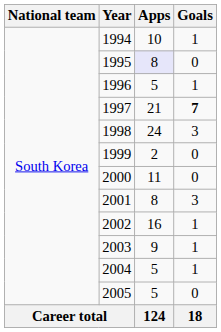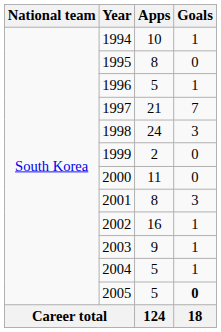 <table class="wikitable" style="text-align:center">
 <tr>
 <th>National team</th>
 <th>Year</th>
 <th>Apps</th>
 <th>Goals</th>
 </tr>
 <tr>
 <td rowspan="12"><a href='#'>South Korea</a></td>
 <td>1994</td>
 <td>10</td>
 <td>1</td>
 </tr>
 <tr>
 <td>1995</td>
-<td style="background: lavender;">8</td>
+<td>8</td>
 <td>0</td>
 </tr>
 <tr>
 <td>1996</td>
 <td>5</td>
 <td>1</td>
 </tr>
 <tr>
 <td>1997</td>
 <td>21</td>
-<td><strong>7</strong></td>
+<td>7</td>
 </tr>
 <tr>
 <td>1998</td>
 <td>24</td>
 <td>3</td>
 </tr>
 <tr>
 <td>1999</td>
 <td>2</td>
 <td>0</td>
 </tr>
 <tr>
 <td>2000</td>
 <td>11</td>
 <td>0</td>
 </tr>
 <tr>
 <td>2001</td>
 <td>8</td>
 <td>3</td>
 </tr>
 <tr>
 <td>2002</td>
 <td>16</td>
 <td>1</td>
 </tr>
 <tr>
 <td>2003</td>
 <td>9</td>
 <td>1</td>
 </tr>
 <tr>
 <td>2004</td>
 <td>5</td>
 <td>1</td>
 </tr>
 <tr>
 <td>2005</td>
 <td>5</td>
-<td>0</td>
+<td><strong>0</strong></td>
 </tr>
 <tr>
 <th colspan="2">Career total</th>
 <th>124</th>
 <th>18</th>
 </tr>
 </table>
